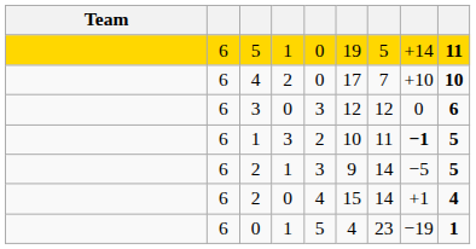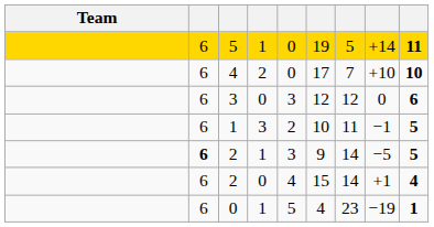 <table class="wikitable" style="text-align:center">
 <tr>
 <th width=165>Team</th>
 <th width=20></th>
 <th width=20></th>
 <th width=20></th>
 <th width=20></th>
 <th width=20></th>
 <th width=20></th>
 <th width=20></th>
 <th width=20></th>
 </tr>
 <tr align=center bgcolor=gold>
 <td align=left></td>
 <td>6</td>
 <td>5</td>
 <td>1</td>
 <td>0</td>
 <td>19</td>
 <td>5</td>
 <td>+14</td>
 <td><strong>11</strong></td>
 </tr>
 <tr align=center>
 <td align=left></td>
 <td>6</td>
 <td>4</td>
 <td>2</td>
 <td>0</td>
 <td>17</td>
 <td>7</td>
 <td>+10</td>
 <td><strong>10</strong></td>
 </tr>
 <tr align=center>
 <td align=left></td>
 <td>6</td>
 <td>3</td>
 <td>0</td>
 <td>3</td>
 <td>12</td>
 <td>12</td>
 <td>0</td>
 <td><strong>6</strong></td>
 </tr>
 <tr align=center>
 <td align=left></td>
 <td>6</td>
 <td>1</td>
 <td>3</td>
 <td>2</td>
 <td>10</td>
 <td>11</td>
-<td><strong>−1</strong></td>
+<td>−1</td>
 <td><strong>5</strong></td>
 </tr>
 <tr align=center>
 <td align=left></td>
-<td>6</td>
+<td><strong>6</strong></td>
 <td>2</td>
 <td>1</td>
 <td>3</td>
 <td>9</td>
 <td>14</td>
 <td>−5</td>
 <td><strong>5</strong></td>
 </tr>
 <tr align=center>
 <td align=left></td>
 <td>6</td>
 <td>2</td>
 <td>0</td>
 <td>4</td>
 <td>15</td>
 <td>14</td>
 <td>+1</td>
 <td><strong>4</strong></td>
 </tr>
 <tr align=center>
 <td align=left></td>
 <td>6</td>
 <td>0</td>
 <td>1</td>
 <td>5</td>
 <td>4</td>
 <td>23</td>
 <td>−19</td>
 <td><strong>1</strong></td>
 </tr>
 </table>
